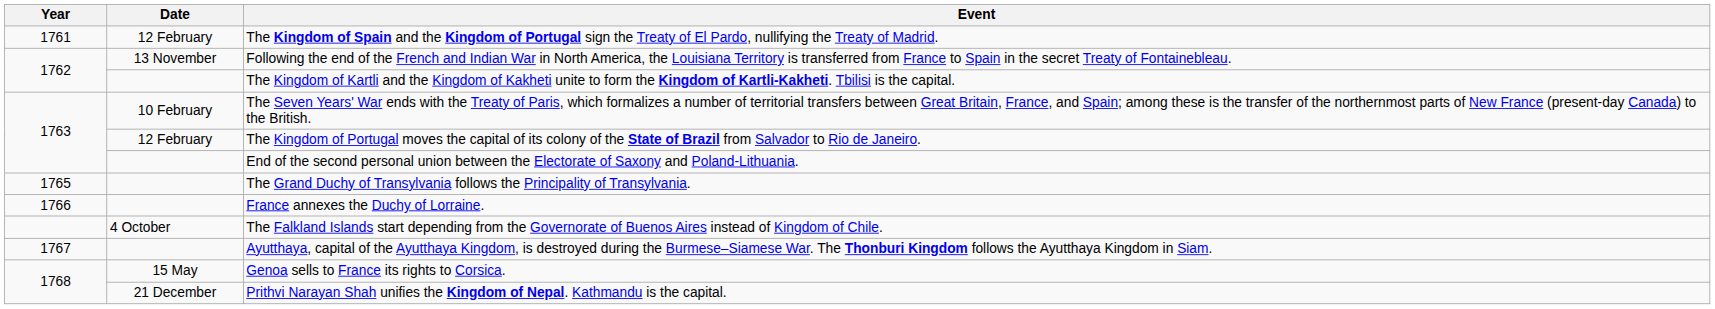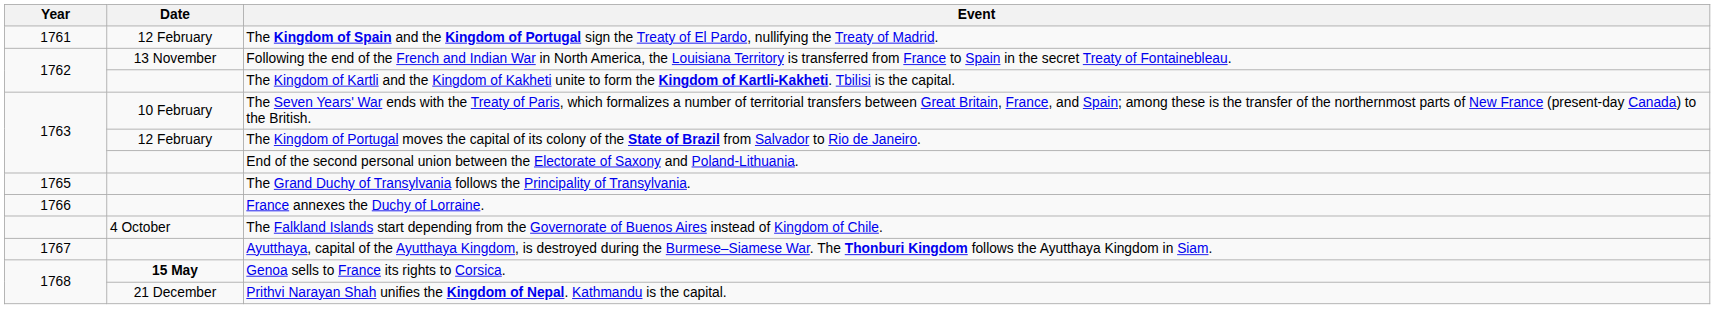 <table class=wikitable style="width:100%;">
 <tr>
 <th style="width:6%">Year</th>
 <th style="width:8%">Date</th>
 <th style="width:86%">Event</th>
 </tr>
 <tr>
 <td align=center>1761</td>
 <td align=center>12 February</td>
 <td>The <strong><a href='#'>Kingdom of Spain</a></strong> and the <strong><a href='#'>Kingdom of Portugal</a></strong> sign the <a href='#'>Treaty of El Pardo</a>, nullifying the <a href='#'>Treaty of Madrid</a>.</td>
 </tr>
 <tr>
 <td rowspan=2 align=center>1762</td>
 <td align=center>13 November</td>
 <td>Following the end of the <a href='#'>French and Indian War</a> in North America, the <a href='#'>Louisiana Territory</a> is transferred from <a href='#'>France</a> to <a href='#'>Spain</a> in the secret <a href='#'>Treaty of Fontainebleau</a>.</td>
 </tr>
 <tr>
 <td></td>
 <td>The <a href='#'>Kingdom of Kartli</a> and the <a href='#'>Kingdom of Kakheti</a> unite to form the <strong><a href='#'>Kingdom of Kartli-Kakheti</a></strong>. <a href='#'>Tbilisi</a> is the capital.</td>
 </tr>
 <tr>
 <td rowspan=3 align=center>1763</td>
 <td align=center>10 February</td>
 <td>The <a href='#'>Seven Years' War</a> ends with the <a href='#'>Treaty of Paris</a>, which formalizes a number of territorial transfers between <a href='#'>Great Britain</a>, <a href='#'>France</a>, and <a href='#'>Spain</a>; among these is the transfer of the northernmost parts of <a href='#'>New France</a> (present-day <a href='#'>Canada</a>) to the British.</td>
 </tr>
 <tr>
 <td align=center>12 February</td>
 <td>The <a href='#'>Kingdom of Portugal</a> moves the capital of its colony of the <strong><a href='#'>State of Brazil</a></strong> from <a href='#'>Salvador</a> to <a href='#'>Rio de Janeiro</a>.</td>
 </tr>
 <tr>
 <td></td>
 <td>End of the second personal union between the <a href='#'>Electorate of Saxony</a> and <a href='#'>Poland-Lithuania</a>.</td>
 </tr>
 <tr>
 <td align=center>1765</td>
 <td></td>
 <td>The <a href='#'>Grand Duchy of Transylvania</a> follows the <a href='#'>Principality of Transylvania</a>.</td>
 </tr>
 <tr>
 <td align=center>1766</td>
 <td></td>
 <td><a href='#'>France</a> annexes the <a href='#'>Duchy of Lorraine</a>.</td>
 </tr>
 <tr>
 <td></td>
 <td>4 October</td>
 <td>The <a href='#'>Falkland Islands</a> start depending from the <a href='#'>Governorate of Buenos Aires</a> instead of <a href='#'>Kingdom of Chile</a>.</td>
 </tr>
 <tr>
 <td align=center>1767</td>
 <td></td>
 <td><a href='#'>Ayutthaya</a>, capital of the <a href='#'>Ayutthaya Kingdom</a>, is destroyed during the <a href='#'>Burmese–Siamese War</a>. The <strong><a href='#'>Thonburi Kingdom</a></strong> follows the Ayutthaya Kingdom in <a href='#'>Siam</a>.</td>
 </tr>
 <tr>
 <td rowspan=2 align=center>1768</td>
-<td align=center>15 May</td>
+<td align=center><strong>15 May</strong></td>
 <td><a href='#'>Genoa</a> sells to <a href='#'>France</a> its rights to <a href='#'>Corsica</a>.</td>
 </tr>
 <tr>
 <td align=center>21 December</td>
 <td><a href='#'>Prithvi Narayan Shah</a> unifies the <strong><a href='#'>Kingdom of Nepal</a></strong>. <a href='#'>Kathmandu</a> is the capital.</td>
 </tr>
 </table>
